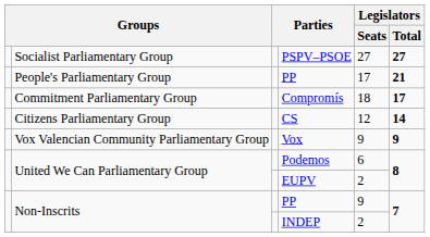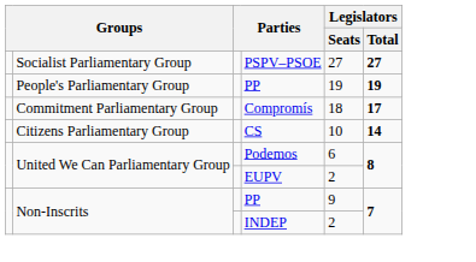 <table class="wikitable" style="text-align:left;">
 <tr>
 <th rowspan="2" colspan="2">Groups</th>
 <th rowspan="2" colspan="2">Parties</th>
 <th colspan="2">Legislators</th>
 </tr>
 <tr>
 <th>Seats</th>
 <th>Total</th>
 </tr>
 <tr>
 <td width="1" style="color:inherit;background:"></td>
 <td>Socialist Parliamentary Group</td>
 <td width="1" style="color:inherit;background:"></td>
 <td><a href='#'>PSPV–PSOE</a></td>
 <td>27</td>
 <td><strong>27</strong></td>
 </tr>
 <tr>
 <td style="color:inherit;background:"></td>
 <td>People's Parliamentary Group</td>
 <td style="color:inherit;background:"></td>
 <td><a href='#'>PP</a></td>
-<td>17</td>
-<td><strong>21</strong></td>
+<td>19</td>
+<td><strong>19</strong></td>
 </tr>
 <tr>
 <td style="color:inherit;background:"></td>
 <td>Commitment Parliamentary Group</td>
 <td style="color:inherit;background:"></td>
 <td><a href='#'>Compromís</a></td>
 <td>18</td>
 <td><strong>17</strong></td>
 </tr>
 <tr>
 <td style="color:inherit;background:"></td>
 <td>Citizens Parliamentary Group</td>
 <td style="color:inherit;background:"></td>
 <td><a href='#'>CS</a></td>
-<td>12</td>
+<td>10</td>
 <td><strong>14</strong></td>
-</tr>
-<tr>
-<td style="color:inherit;background:"></td>
-<td>Vox Valencian Community Parliamentary Group</td>
-<td style="color:inherit;background:"></td>
-<td><a href='#'>Vox</a></td>
-<td>9</td>
-<td><strong>9</strong></td>
 </tr>
 <tr>
 <td rowspan="2" style="color:inherit;background:"></td>
 <td rowspan="2">United We Can Parliamentary Group</td>
 <td style="color:inherit;background:"></td>
 <td><a href='#'>Podemos</a></td>
 <td>6</td>
 <td rowspan="2"><strong>8</strong></td>
 </tr>
 <tr>
 <td style="color:inherit;background:"></td>
 <td><a href='#'>EUPV</a></td>
 <td>2</td>
 </tr>
 <tr>
 <td rowspan="2" style="color:inherit;background:"></td>
 <td rowspan="2">Non-Inscrits</td>
 <td style="color:inherit;background:"></td>
 <td><a href='#'>PP</a></td>
 <td>9</td>
 <td rowspan="2"><strong>7</strong></td>
 </tr>
 <tr>
 <td style="color:inherit;background:"></td>
 <td><a href='#'>INDEP</a></td>
 <td>2</td>
 </tr>
 </table>
